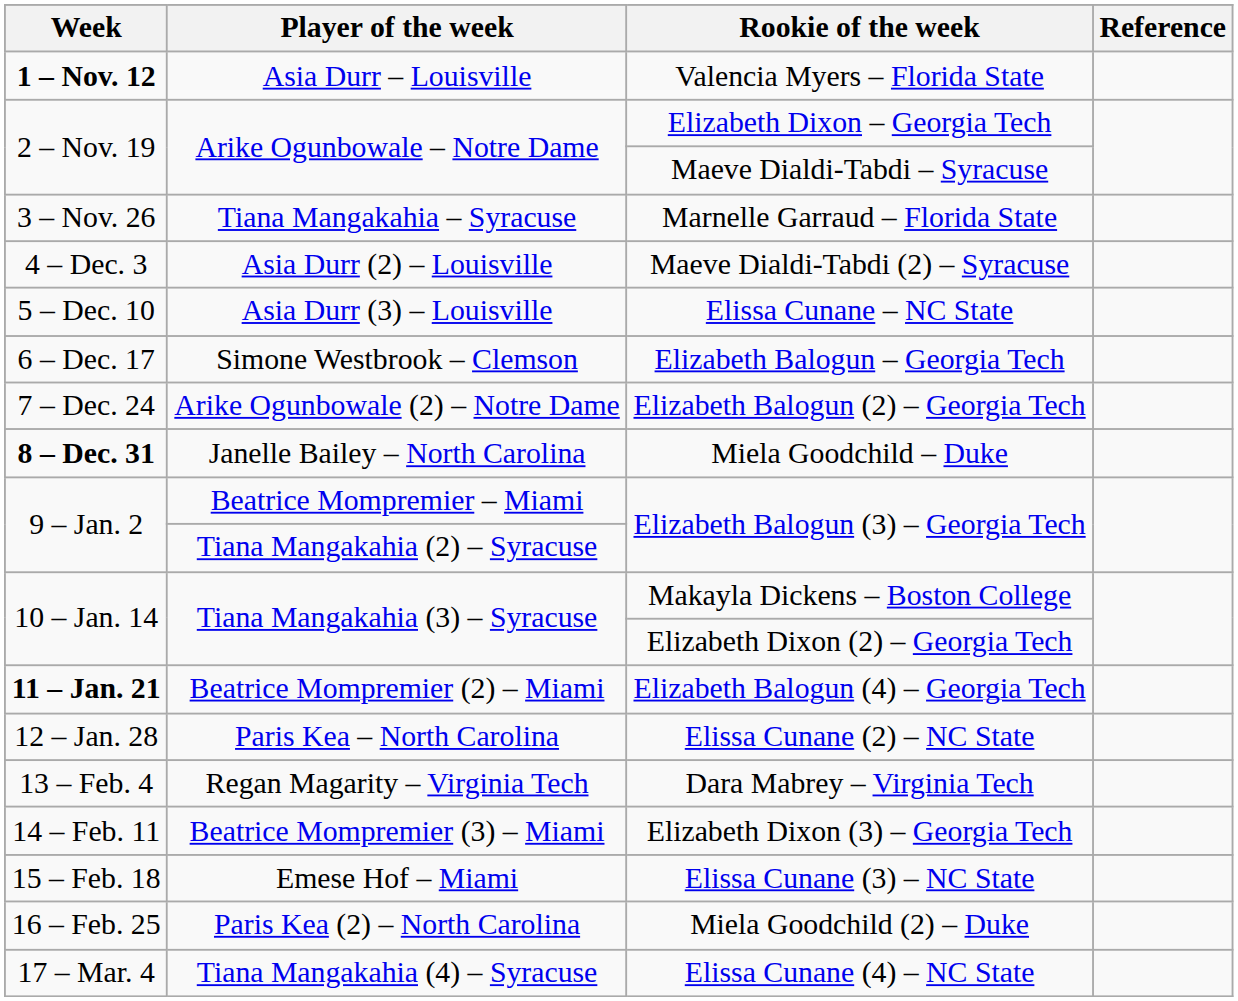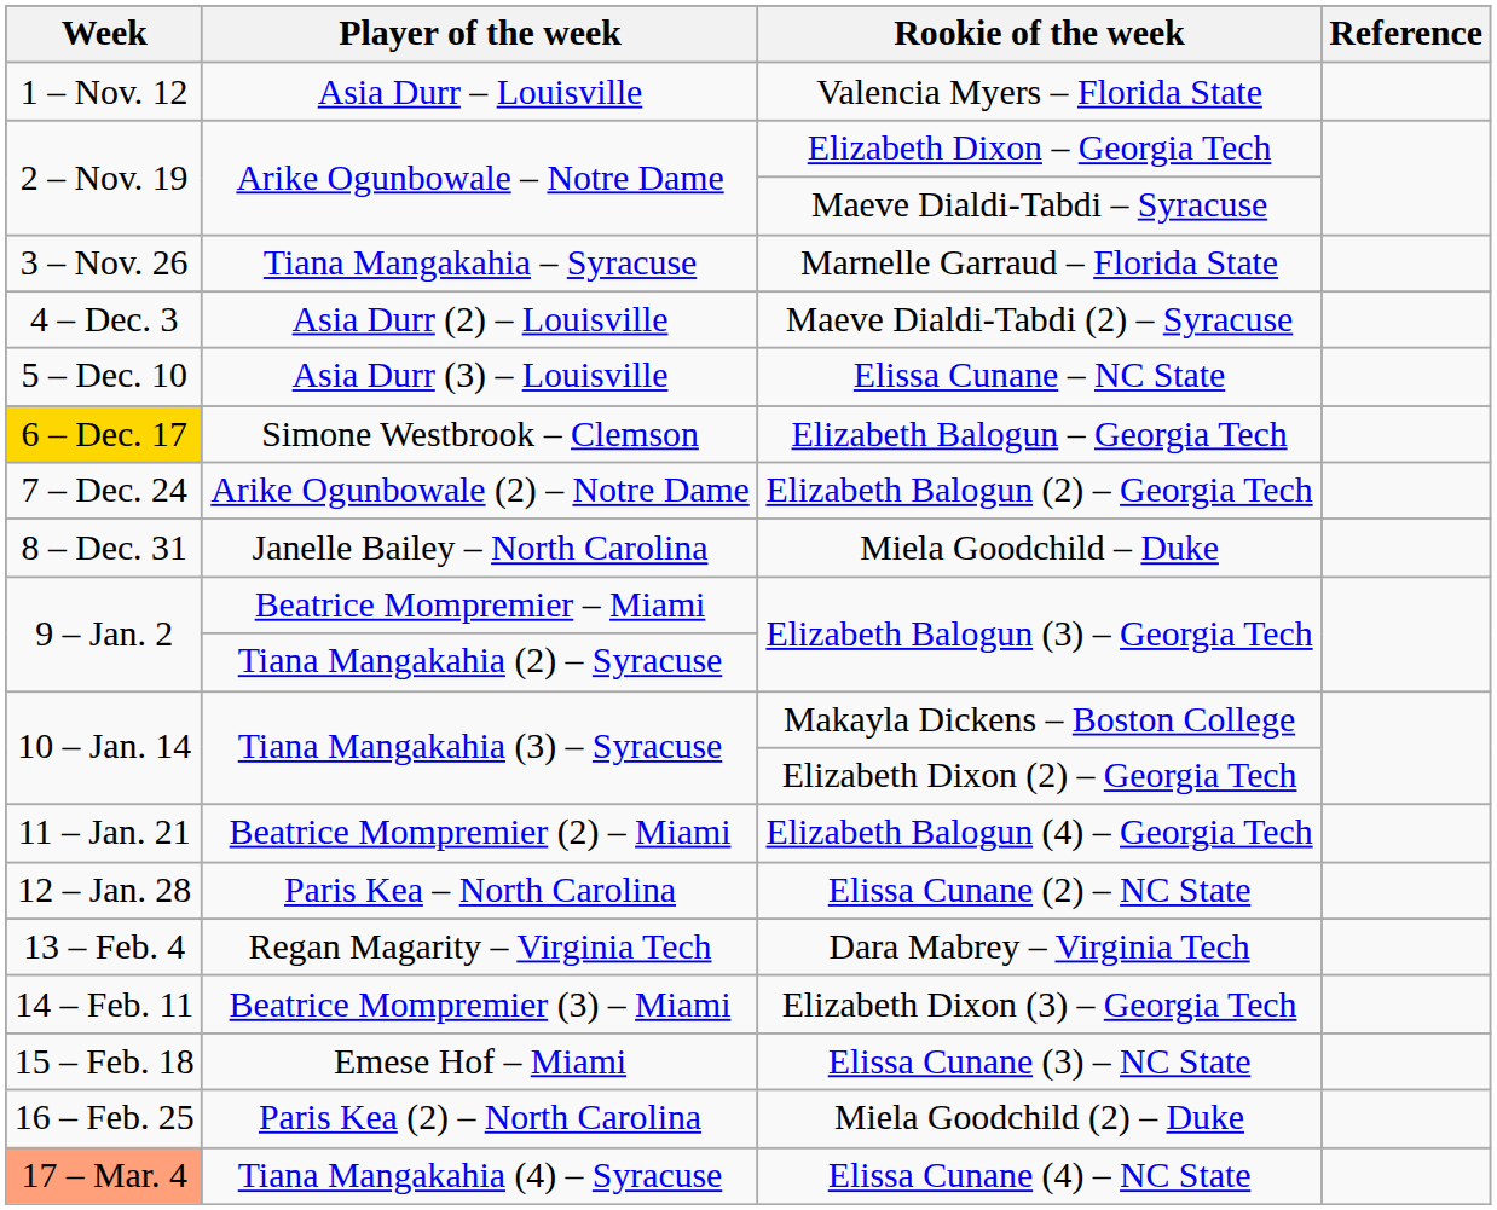 <table class="wikitable" border="1" style="text-align: center;">
 <tr>
 <th>Week</th>
 <th>Player of the week</th>
 <th>Rookie of the week</th>
 <th>Reference</th>
 </tr>
 <tr>
-<td><strong>1 – Nov. 12</strong></td>
+<td>1 – Nov. 12</td>
 <td><a href='#'>Asia Durr</a> – <a href='#'>Louisville</a></td>
 <td>Valencia Myers – <a href='#'>Florida State</a></td>
 <td></td>
 </tr>
 <tr>
 <td rowspan="2">2 – Nov. 19</td>
 <td rowspan="2"><a href='#'>Arike Ogunbowale</a> – <a href='#'>Notre Dame</a></td>
 <td><a href='#'>Elizabeth Dixon</a> – <a href='#'>Georgia Tech</a></td>
 <td rowspan=2></td>
 </tr>
 <tr>
 <td>Maeve Dialdi-Tabdi – <a href='#'>Syracuse</a></td>
 </tr>
 <tr>
 <td>3 – Nov. 26</td>
 <td><a href='#'>Tiana Mangakahia</a> – <a href='#'>Syracuse</a></td>
 <td>Marnelle Garraud – <a href='#'>Florida State</a></td>
 <td></td>
 </tr>
 <tr>
 <td>4 – Dec. 3</td>
 <td><a href='#'>Asia Durr</a> (2) – <a href='#'>Louisville</a></td>
 <td>Maeve Dialdi-Tabdi (2) – <a href='#'>Syracuse</a></td>
 <td></td>
 </tr>
 <tr>
 <td>5 – Dec. 10</td>
 <td><a href='#'>Asia Durr</a> (3) – <a href='#'>Louisville</a></td>
 <td><a href='#'>Elissa Cunane</a> – <a href='#'>NC State</a></td>
 <td></td>
 </tr>
 <tr>
-<td>6 – Dec. 17</td>
+<td style="background: gold;">6 – Dec. 17</td>
 <td>Simone Westbrook – <a href='#'>Clemson</a></td>
 <td><a href='#'>Elizabeth Balogun</a> – <a href='#'>Georgia Tech</a></td>
 <td></td>
 </tr>
 <tr>
 <td>7 – Dec. 24</td>
 <td><a href='#'>Arike Ogunbowale</a> (2) – <a href='#'>Notre Dame</a></td>
 <td><a href='#'>Elizabeth Balogun</a> (2) – <a href='#'>Georgia Tech</a></td>
 <td></td>
 </tr>
 <tr>
-<td><strong>8 – Dec. 31</strong></td>
+<td>8 – Dec. 31</td>
 <td>Janelle Bailey – <a href='#'>North Carolina</a></td>
 <td>Miela Goodchild – <a href='#'>Duke</a></td>
 <td></td>
 </tr>
 <tr>
 <td rowspan="2">9 – Jan. 2</td>
 <td><a href='#'>Beatrice Mompremier</a> – <a href='#'>Miami</a></td>
 <td rowspan="2"><a href='#'>Elizabeth Balogun</a> (3) – <a href='#'>Georgia Tech</a></td>
 <td rowspan="2"></td>
 </tr>
 <tr>
 <td><a href='#'>Tiana Mangakahia</a> (2) – <a href='#'>Syracuse</a></td>
 </tr>
 <tr>
 <td rowspan="2">10 – Jan. 14</td>
 <td rowspan="2"><a href='#'>Tiana Mangakahia</a> (3) – <a href='#'>Syracuse</a></td>
 <td>Makayla Dickens – <a href='#'>Boston College</a></td>
 <td rowspan=2></td>
 </tr>
 <tr>
 <td>Elizabeth Dixon (2) – <a href='#'>Georgia Tech</a></td>
 </tr>
 <tr>
-<td><strong>11 – Jan. 21</strong></td>
+<td>11 – Jan. 21</td>
 <td><a href='#'>Beatrice Mompremier</a> (2) – <a href='#'>Miami</a></td>
 <td><a href='#'>Elizabeth Balogun</a> (4) – <a href='#'>Georgia Tech</a></td>
 <td></td>
 </tr>
 <tr>
 <td>12 – Jan. 28</td>
 <td><a href='#'>Paris Kea</a> – <a href='#'>North Carolina</a></td>
 <td><a href='#'>Elissa Cunane</a> (2) – <a href='#'>NC State</a></td>
 <td></td>
 </tr>
 <tr>
 <td>13 – Feb. 4</td>
 <td>Regan Magarity – <a href='#'>Virginia Tech</a></td>
 <td>Dara Mabrey – <a href='#'>Virginia Tech</a></td>
 <td></td>
 </tr>
 <tr>
 <td>14 – Feb. 11</td>
 <td><a href='#'>Beatrice Mompremier</a> (3) – <a href='#'>Miami</a></td>
 <td>Elizabeth Dixon (3) – <a href='#'>Georgia Tech</a></td>
 <td></td>
 </tr>
 <tr>
 <td>15 – Feb. 18</td>
 <td>Emese Hof – <a href='#'>Miami</a></td>
 <td><a href='#'>Elissa Cunane</a> (3) – <a href='#'>NC State</a></td>
 <td></td>
 </tr>
 <tr>
 <td>16 – Feb. 25</td>
 <td><a href='#'>Paris Kea</a> (2) – <a href='#'>North Carolina</a></td>
 <td>Miela Goodchild (2) – <a href='#'>Duke</a></td>
 <td></td>
 </tr>
 <tr>
-<td>17 – Mar. 4</td>
+<td style="background: lightsalmon;">17 – Mar. 4</td>
 <td><a href='#'>Tiana Mangakahia</a> (4) – <a href='#'>Syracuse</a></td>
 <td><a href='#'>Elissa Cunane</a> (4) – <a href='#'>NC State</a></td>
 <td></td>
 </tr>
 </table>
